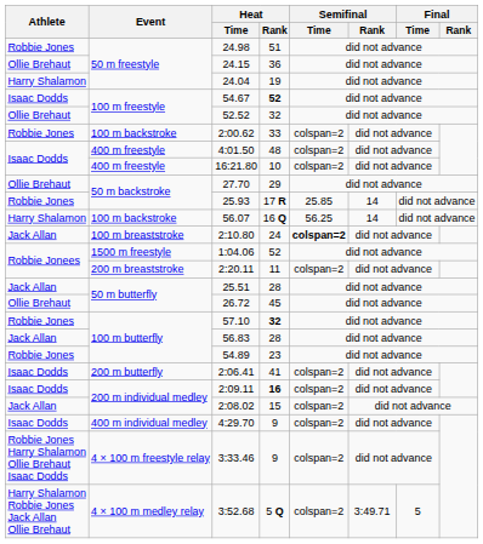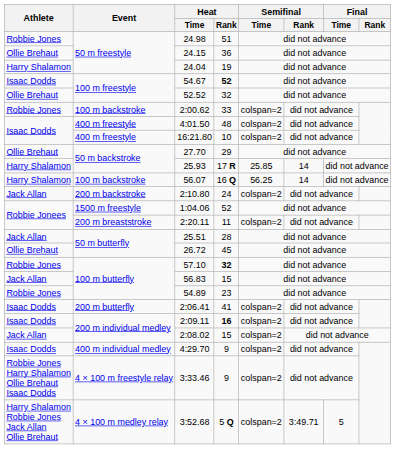 <table class=wikitable style=font-size:90%>
 <tr>
 <th rowspan=2>Athlete</th>
 <th rowspan=2>Event</th>
 <th colspan=2>Heat</th>
 <th colspan=2>Semifinal</th>
 <th colspan=2>Final</th>
 </tr>
 <tr style=font-size:95%>
 <th>Time</th>
 <th>Rank</th>
 <th>Time</th>
 <th>Rank</th>
 <th>Time</th>
 <th>Rank</th>
 </tr>
 <tr align=center>
 <td align=left><a href='#'>Robbie Jones</a></td>
 <td align=left rowspan="3"><a href='#'>50 m freestyle</a></td>
 <td>24.98</td>
 <td>51</td>
 <td colspan=4>did not advance</td>
 </tr>
 <tr align=center>
 <td align=left><a href='#'>Ollie Brehaut</a></td>
 <td>24.15</td>
 <td>36</td>
 <td colspan=4>did not advance</td>
 </tr>
 <tr align=center>
 <td align=left><a href='#'>Harry Shalamon</a></td>
 <td>24.04</td>
 <td>19</td>
 <td colspan=4>did not advance</td>
 </tr>
 <tr align=center>
 <td align=left><a href='#'>Isaac Dodds</a></td>
 <td align=left rowspan="2"><a href='#'>100 m freestyle</a></td>
 <td>54.67</td>
 <td><strong>52</strong></td>
 <td colspan=4>did not advance</td>
 </tr>
 <tr align=center>
 <td align=left><a href='#'>Ollie Brehaut</a></td>
 <td>52.52</td>
 <td>32</td>
 <td colspan=4>did not advance</td>
 </tr>
 <tr align=center>
 <td align=left><a href='#'>Robbie Jones</a></td>
 <td style="text-align:left;"><a href='#'>100 m backstroke</a></td>
 <td>2:00.62</td>
 <td>33</td>
 <td>colspan=2 </td>
 <td colspan=2>did not advance</td>
 </tr>
 <tr align=center>
 <td align=left rowspan=2><a href='#'>Isaac Dodds</a></td>
 <td align=left rowspan="1"><a href='#'>400 m freestyle</a></td>
 <td>4:01.50</td>
 <td>48</td>
 <td>colspan=2 </td>
 <td colspan=2>did not advance</td>
 </tr>
 <tr align=center>
 <td align=left rowspan="1"><a href='#'>400 m freestyle</a></td>
 <td>16:21.80</td>
 <td>10</td>
 <td>colspan=2 </td>
 <td colspan=2>did not advance</td>
 </tr>
 <tr align=center>
 <td align=left><a href='#'>Ollie Brehaut</a></td>
 <td align=left rowspan=2><a href='#'>50 m backstroke</a></td>
 <td>27.70</td>
 <td>29</td>
 <td colspan=4>did not advance</td>
 </tr>
 <tr align=center>
-<td align=left><a href='#'>Robbie Jones</a></td>
+<td align=left><a href='#'>Harry Shalamon</a></td>
 <td>25.93</td>
 <td>17 <strong>R</strong></td>
 <td>25.85</td>
 <td>14</td>
 <td colspan=2>did not advance</td>
 </tr>
 <tr align=center>
 <td align=left><a href='#'>Harry Shalamon</a></td>
 <td style="text-align:left;"><a href='#'>100 m backstroke</a></td>
 <td>56.07</td>
 <td>16 <strong>Q</strong></td>
 <td>56.25</td>
 <td>14</td>
 <td colspan=2>did not advance</td>
 </tr>
 <tr align=center>
 <td align=left><a href='#'>Jack Allan</a></td>
-<td align=left rowspan="1"><a href='#'>100 m breaststroke</a></td>
+<td align=left rowspan="1"><a href='#'>200 m backstroke</a></td>
 <td>2:10.80</td>
 <td>24</td>
-<td><strong>colspan=2 </strong></td>
+<td>colspan=2 </td>
 <td colspan=2>did not advance</td>
 </tr>
 <tr align=center>
 <td align=left rowspan=2><a href='#'>Robbie Jonees</a></td>
 <td align=left rowspan="1"><a href='#'>1500 m freestyle</a></td>
 <td>1:04.06</td>
 <td>52</td>
 <td colspan=4>did not advance</td>
 </tr>
 <tr align=center>
 <td align=left rowspan="1"><a href='#'>200 m breaststroke</a></td>
 <td>2:20.11</td>
 <td>11</td>
 <td>colspan=2 </td>
 <td colspan=2>did not advance</td>
 </tr>
 <tr align=center>
 <td align=left><a href='#'>Jack Allan</a></td>
 <td align=left rowspan="2"><a href='#'>50 m butterfly</a></td>
 <td>25.51</td>
 <td>28</td>
 <td colspan=4>did not advance</td>
 </tr>
 <tr align=center>
 <td align=left><a href='#'>Ollie Brehaut</a></td>
 <td>26.72</td>
 <td>45</td>
 <td colspan=4>did not advance</td>
 </tr>
 <tr align=center>
 <td align=left><a href='#'>Robbie Jones</a></td>
 <td align=left rowspan="3"><a href='#'>100 m butterfly</a></td>
 <td>57.10</td>
 <td><strong>32</strong></td>
 <td colspan=4>did not advance</td>
 </tr>
 <tr align=center>
 <td align=left><a href='#'>Jack Allan</a></td>
 <td>56.83</td>
-<td>28</td>
+<td>15</td>
 <td colspan=4>did not advance</td>
 </tr>
 <tr align=center>
 <td align=left><a href='#'>Robbie Jones</a></td>
 <td>54.89</td>
 <td>23</td>
 <td colspan=4>did not advance</td>
 </tr>
 <tr align=center>
 <td align=left><a href='#'>Isaac Dodds</a></td>
 <td align=left><a href='#'>200 m butterfly</a></td>
 <td>2:06.41</td>
 <td>41</td>
 <td>colspan=2 </td>
 <td colspan=2>did not advance</td>
 </tr>
 <tr align=center>
 <td align=left><a href='#'>Isaac Dodds</a></td>
 <td align=left rowspan="2"><a href='#'>200 m individual medley</a></td>
 <td>2:09.11</td>
 <td><strong>16</strong></td>
 <td>colspan=2 </td>
 <td colspan=2>did not advance</td>
 </tr>
 <tr align=center>
 <td align=left><a href='#'>Jack Allan</a></td>
 <td>2:08.02</td>
 <td>15</td>
 <td>colspan=2 </td>
 <td colspan=4>did not advance</td>
 </tr>
 <tr align=center>
 <td align=left><a href='#'>Isaac Dodds</a></td>
 <td align=left rowspan="1"><a href='#'>400 m individual medley</a></td>
 <td>4:29.70</td>
 <td>9</td>
 <td>colspan=2 </td>
 <td colspan=2>did not advance</td>
 </tr>
 <tr align=center>
 <td align=left><a href='#'>Robbie Jones</a><br><a href='#'>Harry Shalamon</a><br><a href='#'>Ollie Brehaut</a><br><a href='#'>Isaac Dodds</a></td>
 <td align=left><a href='#'>4 × 100 m freestyle relay</a></td>
 <td>3:33.46</td>
 <td>9</td>
 <td>colspan=2 </td>
 <td colspan=2>did not advance</td>
 </tr>
 <tr align=center>
 <td align=left><a href='#'>Harry Shalamon</a><br><a href='#'>Robbie Jones</a><br><a href='#'>Jack Allan</a><br><a href='#'>Ollie Brehaut</a></td>
 <td align=left><a href='#'>4 × 100 m medley relay</a></td>
 <td>3:52.68</td>
 <td>5 <strong>Q</strong></td>
 <td>colspan=2 </td>
 <td>3:49.71</td>
 <td>5</td>
 </tr>
 </table>
